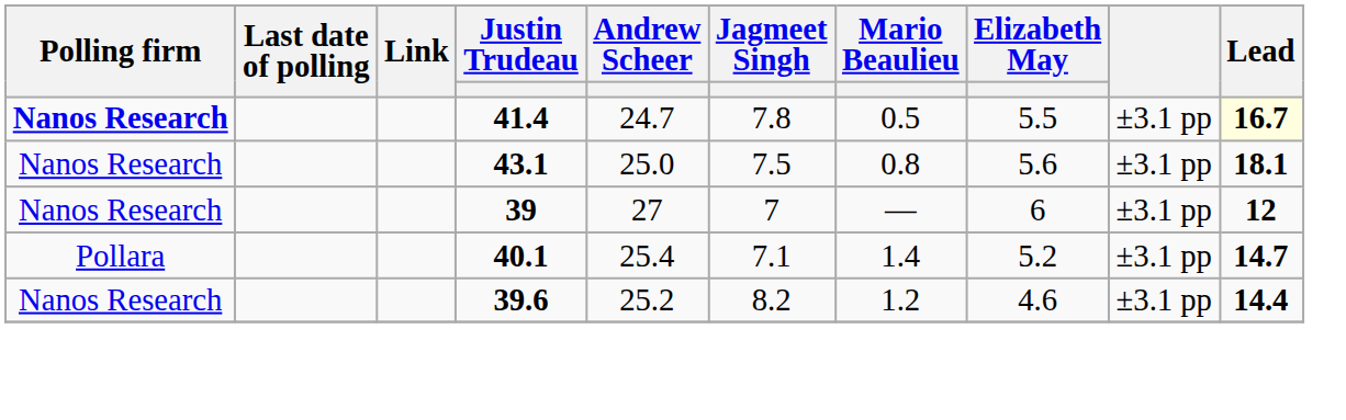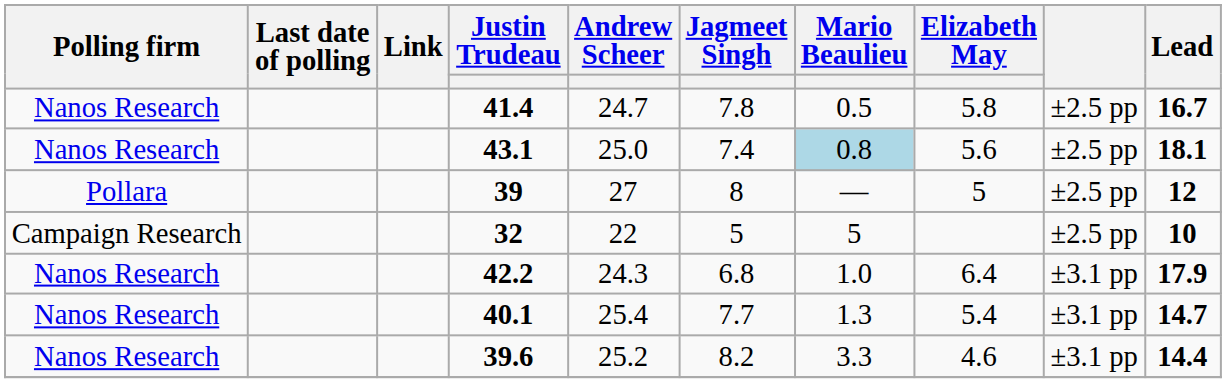 <table class="wikitable sortable mw-datatable" style="text-align:center;font-size:90%;line-height:14px;">
 <tr>
 <th rowspan="2">Polling firm</th>
 <th rowspan="2">Last date<br>of polling</th>
 <th rowspan="2">Link</th>
 <th class="unsortable" style="width:40px;"><a href='#'>Justin Trudeau</a></th>
 <th class="unsortable" style="width:40px;"><a href='#'>Andrew Scheer</a></th>
 <th class="unsortable" style="width:40px;"><a href='#'>Jagmeet Singh</a></th>
 <th class="unsortable" style="width:40px;"><a href='#'>Mario Beaulieu</a></th>
 <th class="unsortable" style="width:40px;"><a href='#'>Elizabeth May</a></th>
 <th rowspan="2"></th>
 <th rowspan="2">Lead</th>
 </tr>
 <tr style="background:#e9e9e9;">
 <th style="background-color:"></th>
 <th style="background-color:"></th>
 <th style="background-color:"></th>
 <th style="background-color:"></th>
 <th style="background-color:"></th>
 </tr>
 <tr>
-<td><strong><a href='#'>Nanos Research</a></strong></td>
+<td><a href='#'>Nanos Research</a></td>
 <td></td>
 <td></td>
 <td><strong>41.4</strong></td>
 <td>24.7</td>
 <td>7.8</td>
 <td>0.5</td>
-<td>5.5</td>
-<td>±3.1 pp</td>
-<td style="background: lightyellow;"><strong>16.7</strong></td>
+<td>5.8</td>
+<td>±2.5 pp</td>
+<td><strong>16.7</strong></td>
 </tr>
 <tr>
 <td><a href='#'>Nanos Research</a></td>
 <td></td>
 <td></td>
 <td><strong>43.1</strong></td>
 <td>25.0</td>
-<td>7.5</td>
-<td>0.8</td>
+<td>7.4</td>
+<td style="background: lightblue;">0.8</td>
 <td>5.6</td>
-<td>±3.1 pp</td>
+<td>±2.5 pp</td>
 <td><strong>18.1</strong></td>
+</tr>
+<tr>
+<td><a href='#'>Pollara</a></td>
+<td></td>
+<td></td>
+<td><strong>39</strong></td>
+<td>27</td>
+<td>8</td>
+<td>—</td>
+<td>5</td>
+<td>±2.5 pp</td>
+<td><strong>12</strong></td>
+</tr>
+<tr>
+<td>Campaign Research</td>
+<td></td>
+<td></td>
+<td><strong>32</strong></td>
+<td>22</td>
+<td>5</td>
+<td>5</td>
+<td></td>
+<td>±2.5 pp</td>
+<td><strong>10</strong></td>
 </tr>
 <tr>
 <td><a href='#'>Nanos Research</a></td>
 <td></td>
 <td></td>
-<td><strong>39</strong></td>
-<td>27</td>
-<td>7</td>
-<td>—</td>
-<td>6</td>
+<td><strong>42.2</strong></td>
+<td>24.3</td>
+<td>6.8</td>
+<td>1.0</td>
+<td>6.4</td>
 <td>±3.1 pp</td>
-<td><strong>12</strong></td>
+<td><strong>17.9</strong></td>
 </tr>
 <tr>
-<td><a href='#'>Pollara</a></td>
+<td><a href='#'>Nanos Research</a></td>
 <td></td>
 <td></td>
 <td><strong>40.1</strong></td>
 <td>25.4</td>
-<td>7.1</td>
-<td>1.4</td>
-<td>5.2</td>
+<td>7.7</td>
+<td>1.3</td>
+<td>5.4</td>
 <td>±3.1 pp</td>
 <td><strong>14.7</strong></td>
 </tr>
 <tr>
 <td><a href='#'>Nanos Research</a></td>
 <td></td>
 <td></td>
 <td><strong>39.6</strong></td>
 <td>25.2</td>
 <td>8.2</td>
-<td>1.2</td>
+<td>3.3</td>
 <td>4.6</td>
 <td>±3.1 pp</td>
 <td><strong>14.4</strong></td>
 </tr>
 <tr>
 </tr>
 </table>
